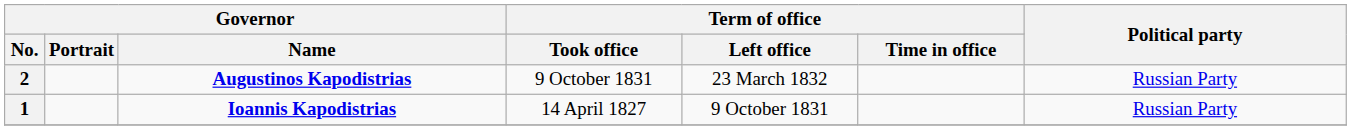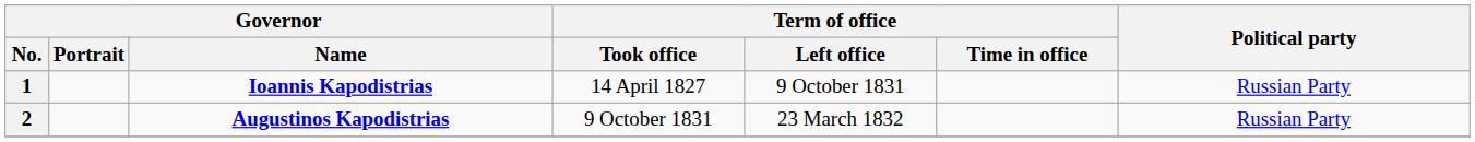 <table class="wikitable" style="text-align:center; width:90%">
 <tr>
 <th width=35% colspan=3>Governor</th>
 <th width=40% colspan=3>Term of office</th>
 <th width=25% rowspan=2>Political party</th>
 </tr>
 <tr>
 <th width=3%>No.</th>
 <th>Portrait</th>
 <th width=30%>Name<br></th>
 <th>Took office</th>
 <th>Left office</th>
 <th>Time in office</th>
 </tr>
 <tr>
+<th style="background:">1</th>
+<td></td>
+<td><strong><a href='#'>Ioannis Kapodistrias</a></strong><br></td>
+<td>14 April 1827</td>
+<td>9 October 1831<br></td>
+<td></td>
+<td><a href='#'>Russian Party</a></td>
+</tr>
+<tr>
 <th style="background:">2</th>
 <td></td>
 <td><strong><a href='#'>Augustinos Kapodistrias</a></strong><br></td>
 <td>9 October 1831</td>
 <td>23 March 1832<br></td>
 <td></td>
 <td><a href='#'>Russian Party</a></td>
 </tr>
 <tr>
-<th style="background:">1</th>
-<td></td>
-<td><strong><a href='#'>Ioannis Kapodistrias</a></strong><br></td>
-<td>14 April 1827</td>
-<td>9 October 1831<br></td>
-<td></td>
-<td><a href='#'>Russian Party</a></td>
-</tr>
-<tr>
 </tr>
 </table>
